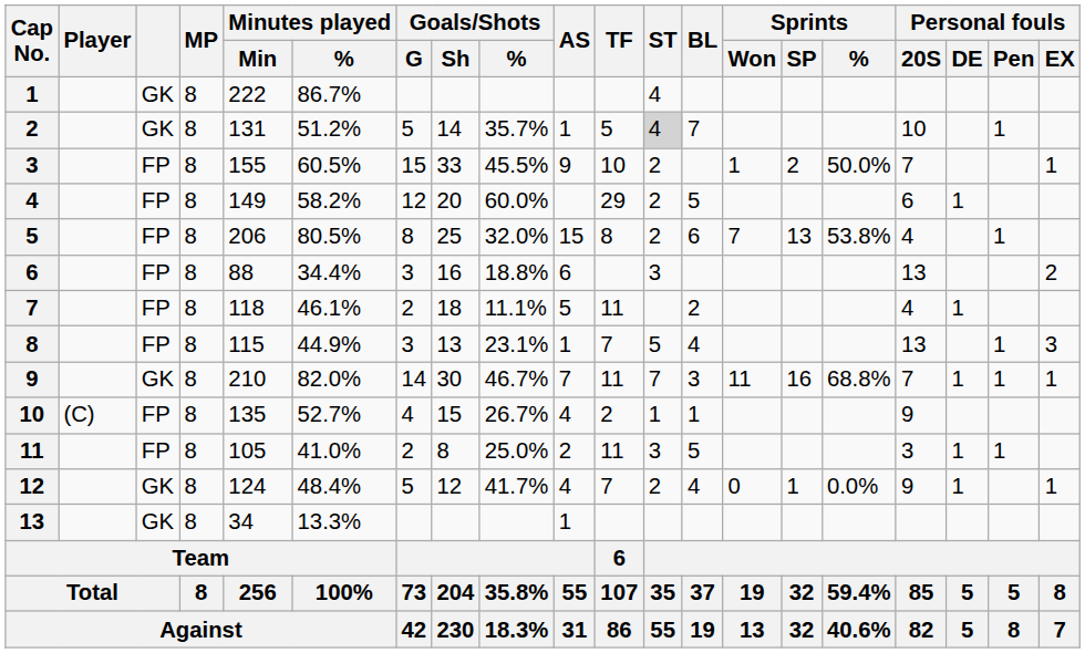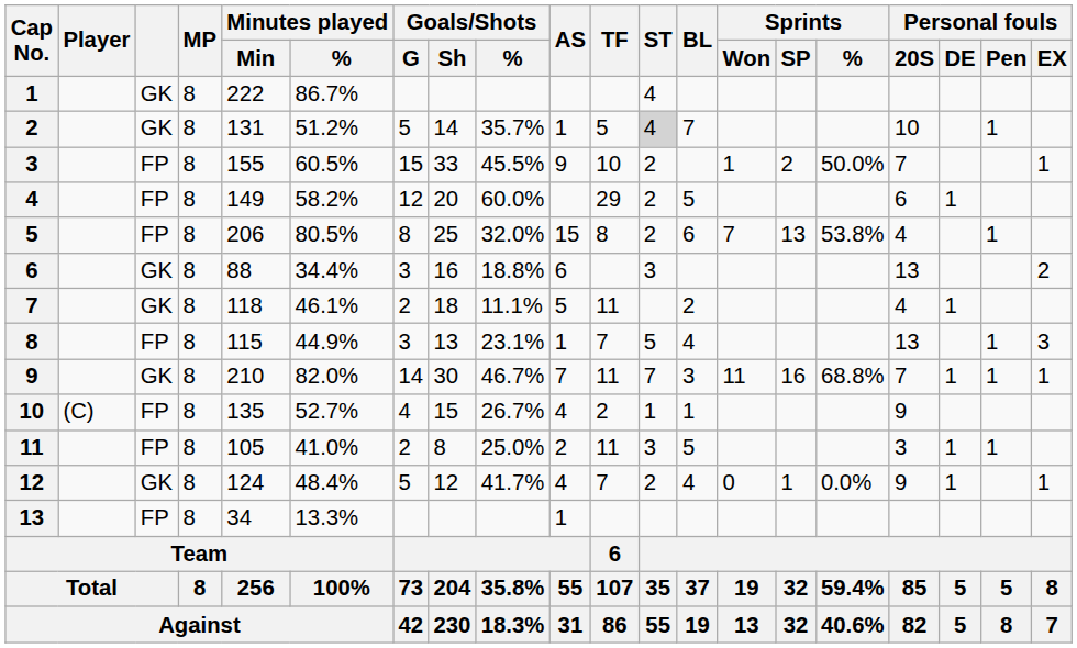 <table class="wikitable sortable sticky-header-multi defaultcenter col2left" style="font-size: 100%; margin-left: 1em;">
 <tr>
 <th scope="col" rowspan="2">Cap<br>No.</th>
 <th scope="col" rowspan="2">Player</th>
 <th scope="col" rowspan="2"></th>
 <th scope="col" rowspan="2">MP</th>
 <th scope="colgroup" colspan="2">Minutes played</th>
 <th scope="colgroup" colspan="3">Goals/Shots</th>
 <th scope="col" rowspan="2">AS</th>
 <th scope="col" rowspan="2">TF</th>
 <th scope="col" rowspan="2">ST</th>
 <th scope="col" rowspan="2">BL</th>
 <th scope="colgroup" colspan="3">Sprints</th>
 <th scope="colgroup" colspan="4">Personal fouls</th>
 </tr>
 <tr>
 <th scope="col">Min</th>
 <th scope="col">%</th>
 <th scope="col">G</th>
 <th scope="col">Sh</th>
 <th scope="col">%</th>
 <th scope="col">Won</th>
 <th scope="col">SP</th>
 <th scope="col">%</th>
 <th scope="col">20S</th>
 <th scope="col">DE</th>
 <th scope="col">Pen</th>
 <th scope="col">EX</th>
 </tr>
 <tr>
 <th scope="row">1</th>
 <td></td>
 <td>GK</td>
 <td>8</td>
 <td>222</td>
 <td>86.7%</td>
 <td></td>
 <td></td>
 <td></td>
 <td></td>
 <td></td>
 <td>4</td>
 <td></td>
 <td></td>
 <td></td>
 <td></td>
 <td></td>
 <td></td>
 <td></td>
 <td></td>
 </tr>
 <tr>
 <th scope="row">2</th>
 <td></td>
 <td>GK</td>
 <td>8</td>
 <td>131</td>
 <td>51.2%</td>
 <td>5</td>
 <td>14</td>
 <td>35.7%</td>
 <td>1</td>
 <td>5</td>
 <td style="background: lightgrey;">4</td>
 <td>7</td>
 <td></td>
 <td></td>
 <td></td>
 <td>10</td>
 <td></td>
 <td>1</td>
 <td></td>
 </tr>
 <tr>
 <th scope="row">3</th>
 <td></td>
 <td>FP</td>
 <td>8</td>
 <td>155</td>
 <td>60.5%</td>
 <td>15</td>
 <td>33</td>
 <td>45.5%</td>
 <td>9</td>
 <td>10</td>
 <td>2</td>
 <td></td>
 <td>1</td>
 <td>2</td>
 <td>50.0%</td>
 <td>7</td>
 <td></td>
 <td></td>
 <td>1</td>
 </tr>
 <tr>
 <th scope="row">4</th>
 <td></td>
 <td>FP</td>
 <td>8</td>
 <td>149</td>
 <td>58.2%</td>
 <td>12</td>
 <td>20</td>
 <td>60.0%</td>
 <td></td>
 <td>29</td>
 <td>2</td>
 <td>5</td>
 <td></td>
 <td></td>
 <td></td>
 <td>6</td>
 <td>1</td>
 <td></td>
 <td></td>
 </tr>
 <tr>
 <th scope="row">5</th>
 <td></td>
 <td>FP</td>
 <td>8</td>
 <td>206</td>
 <td>80.5%</td>
 <td>8</td>
 <td>25</td>
 <td>32.0%</td>
 <td>15</td>
 <td>8</td>
 <td>2</td>
 <td>6</td>
 <td>7</td>
 <td>13</td>
 <td>53.8%</td>
 <td>4</td>
 <td></td>
 <td>1</td>
 <td></td>
 </tr>
 <tr>
 <th scope="row">6</th>
 <td></td>
-<td>FP</td>
+<td>GK</td>
 <td>8</td>
 <td>88</td>
 <td>34.4%</td>
 <td>3</td>
 <td>16</td>
 <td>18.8%</td>
 <td>6</td>
 <td></td>
 <td>3</td>
 <td></td>
 <td></td>
 <td></td>
 <td></td>
 <td>13</td>
 <td></td>
 <td></td>
 <td>2</td>
 </tr>
 <tr>
 <th scope="row">7</th>
 <td></td>
-<td>FP</td>
+<td>GK</td>
 <td>8</td>
 <td>118</td>
 <td>46.1%</td>
 <td>2</td>
 <td>18</td>
 <td>11.1%</td>
 <td>5</td>
 <td>11</td>
 <td></td>
 <td>2</td>
 <td></td>
 <td></td>
 <td></td>
 <td>4</td>
 <td>1</td>
 <td></td>
 <td></td>
 </tr>
 <tr>
 <th scope="row">8</th>
 <td></td>
 <td>FP</td>
 <td>8</td>
 <td>115</td>
 <td>44.9%</td>
 <td>3</td>
 <td>13</td>
 <td>23.1%</td>
 <td>1</td>
 <td>7</td>
 <td>5</td>
 <td>4</td>
 <td></td>
 <td></td>
 <td></td>
 <td>13</td>
 <td></td>
 <td>1</td>
 <td>3</td>
 </tr>
 <tr>
 <th scope="row">9</th>
 <td></td>
 <td>GK</td>
 <td>8</td>
 <td>210</td>
 <td>82.0%</td>
 <td>14</td>
 <td>30</td>
 <td>46.7%</td>
 <td>7</td>
 <td>11</td>
 <td>7</td>
 <td>3</td>
 <td>11</td>
 <td>16</td>
 <td>68.8%</td>
 <td>7</td>
 <td>1</td>
 <td>1</td>
 <td>1</td>
 </tr>
 <tr>
 <th scope="row">10</th>
 <td> (C)</td>
 <td>FP</td>
 <td>8</td>
 <td>135</td>
 <td>52.7%</td>
 <td>4</td>
 <td>15</td>
 <td>26.7%</td>
 <td>4</td>
 <td>2</td>
 <td>1</td>
 <td>1</td>
 <td></td>
 <td></td>
 <td></td>
 <td>9</td>
 <td></td>
 <td></td>
 <td></td>
 </tr>
 <tr>
 <th scope="row">11</th>
 <td></td>
 <td>FP</td>
 <td>8</td>
 <td>105</td>
 <td>41.0%</td>
 <td>2</td>
 <td>8</td>
 <td>25.0%</td>
 <td>2</td>
 <td>11</td>
 <td>3</td>
 <td>5</td>
 <td></td>
 <td></td>
 <td></td>
 <td>3</td>
 <td>1</td>
 <td>1</td>
 <td></td>
 </tr>
 <tr>
 <th scope="row">12</th>
 <td></td>
 <td>GK</td>
 <td>8</td>
 <td>124</td>
 <td>48.4%</td>
 <td>5</td>
 <td>12</td>
 <td>41.7%</td>
 <td>4</td>
 <td>7</td>
 <td>2</td>
 <td>4</td>
 <td>0</td>
 <td>1</td>
 <td>0.0%</td>
 <td>9</td>
 <td>1</td>
 <td></td>
 <td>1</td>
 </tr>
 <tr>
 <th scope="row">13</th>
 <td></td>
-<td>GK</td>
+<td>FP</td>
 <td>8</td>
 <td>34</td>
 <td>13.3%</td>
 <td></td>
 <td></td>
 <td></td>
 <td>1</td>
 <td></td>
 <td></td>
 <td></td>
 <td></td>
 <td></td>
 <td></td>
 <td></td>
 <td></td>
 <td></td>
 <td></td>
 </tr>
 <tr class="sortbottom">
 <th colspan="6">Team</th>
 <th colspan="4"></th>
 <th>6</th>
 <th colspan="9"></th>
 </tr>
 <tr class="sortbottom">
 <th colspan="3">Total</th>
 <th>8</th>
 <th>256</th>
 <th>100%</th>
 <th>73</th>
 <th>204</th>
 <th>35.8%</th>
 <th>55</th>
 <th>107</th>
 <th>35</th>
 <th>37</th>
 <th>19</th>
 <th>32</th>
 <th>59.4%</th>
 <th>85</th>
 <th>5</th>
 <th>5</th>
 <th>8</th>
 </tr>
 <tr class="sortbottom">
 <th colspan="6">Against</th>
 <th>42</th>
 <th>230</th>
 <th>18.3%</th>
 <th>31</th>
 <th>86</th>
 <th>55</th>
 <th>19</th>
 <th>13</th>
 <th>32</th>
 <th>40.6%</th>
 <th>82</th>
 <th>5</th>
 <th>8</th>
 <th>7</th>
 </tr>
 </table>
